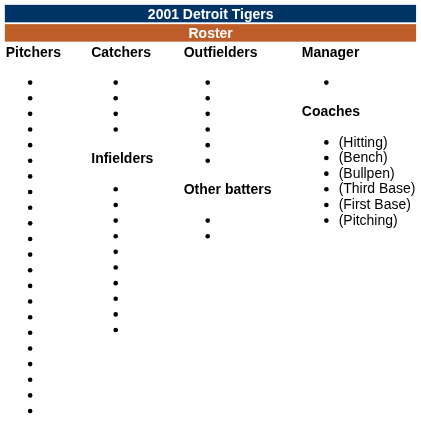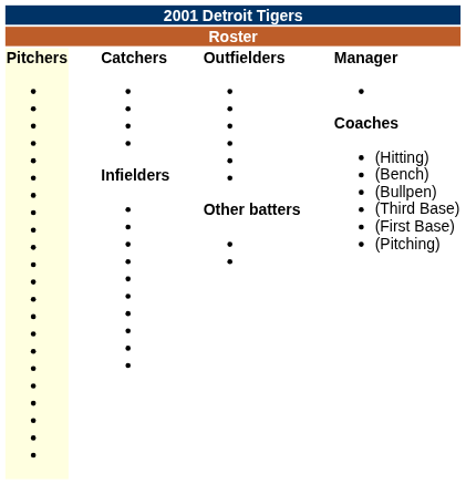 <table class="toccolours" style="font-size: 95%;">
 <tr>
 <th colspan="10" style="background-color: #003366; color: white; text-align: center;">2001 Detroit Tigers</th>
 </tr>
 <tr>
 <td colspan="10" style="background-color: #bd5d29; color: white; text-align: center;"><strong>Roster</strong></td>
 </tr>
 <tr>
-<td valign="top"><strong>Pitchers</strong><br><ul><li></li><li></li><li></li><li></li><li></li><li></li><li></li><li></li><li></li><li></li><li></li><li></li><li></li><li></li><li></li><li></li><li></li><li></li><li></li><li></li><li></li><li></li></ul></td>
+<td valign="top" style="background: lightyellow;"><strong>Pitchers</strong><br><ul><li></li><li></li><li></li><li></li><li></li><li></li><li></li><li></li><li></li><li></li><li></li><li></li><li></li><li></li><li></li><li></li><li></li><li></li><li></li><li></li><li></li><li></li></ul></td>
 <td width="25px"></td>
 <td valign="top"><strong>Catchers</strong><br><ul><li></li><li></li><li></li><li></li></ul><strong>Infielders</strong><ul><li></li><li></li><li></li><li></li><li></li><li></li><li></li><li></li><li></li><li></li></ul></td>
 <td width="25px"></td>
 <td valign="top"><strong>Outfielders</strong><br><ul><li></li><li></li><li></li><li></li><li></li><li></li></ul><strong>Other batters</strong><ul><li></li><li></li></ul></td>
 <td width="25px"></td>
 <td valign="top"><strong>Manager</strong><br><ul><li></li></ul><strong>Coaches</strong><ul><li> (Hitting)</li><li> (Bench)</li><li> (Bullpen)</li><li> (Third Base)</li><li> (First Base)</li><li> (Pitching)</li></ul></td>
 </tr>
 <tr>
 </tr>
 </table>
